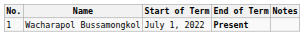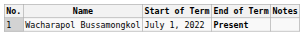 <table class="wikitable">
 <tr>
 <th>No.</th>
 <th>Name</th>
 <th>Start of Term</th>
 <th>End of Term</th>
 <th>Notes</th>
 </tr>
 <tr>
-<td>1</td>
+<td style="background: lightgrey;">1</td>
 <td>Wacharapol Bussamongkol</td>
 <td>July 1, 2022<br></td>
 <td><strong>Present</strong></td>
 </tr>
 </table>
